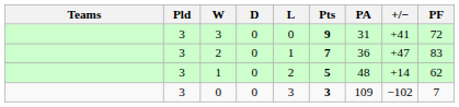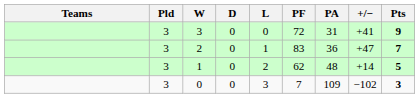 <table class="wikitable" style="text-align: center">
 <tr>
 <th width="200">Teams</th>
 <th width="40">Pld</th>
 <th width="40">W</th>
 <th width="40">D</th>
 <th width="40">L</th>
-<th width="40">Pts</th>
+<th width="40">PF</th>
 <th width="40">PA</th>
 <th width="40">+/−</th>
-<th width="40">PF</th>
+<th width="40">Pts</th>
 </tr>
 <tr bgcolor=ccffcc>
 <td align=left></td>
 <td>3</td>
 <td>3</td>
 <td>0</td>
 <td>0</td>
-<td><strong>9</strong></td>
+<td>72</td>
 <td>31</td>
 <td>+41</td>
-<td>72</td>
+<td><strong>9</strong></td>
 </tr>
 <tr bgcolor=ccffcc>
 <td align=left></td>
 <td>3</td>
 <td>2</td>
 <td>0</td>
 <td>1</td>
-<td><strong>7</strong></td>
+<td>83</td>
 <td>36</td>
 <td>+47</td>
-<td>83</td>
+<td><strong>7</strong></td>
 </tr>
 <tr bgcolor=ccffcc>
 <td align=left></td>
 <td>3</td>
 <td>1</td>
 <td>0</td>
 <td>2</td>
-<td><strong>5</strong></td>
+<td>62</td>
 <td>48</td>
 <td>+14</td>
-<td>62</td>
+<td><strong>5</strong></td>
 </tr>
 <tr>
 <td align=left></td>
 <td>3</td>
 <td>0</td>
 <td>0</td>
 <td>3</td>
-<td><strong>3</strong></td>
+<td>7</td>
 <td>109</td>
 <td>−102</td>
-<td>7</td>
+<td><strong>3</strong></td>
 </tr>
 </table>
